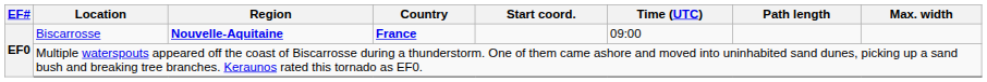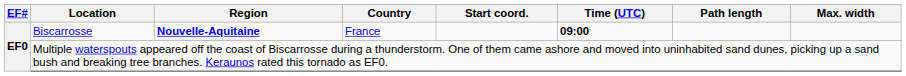 <table class="wikitable sortable" style="width:100%;">
 <tr>
 <th scope="col" width="2%" align="center"><a href='#'>EF#</a></th>
 <th scope="col" align="center" class="unsortable">Location</th>
 <th scope="col" align="center" class="unsortable">Region</th>
 <th scope="col" align="center">Country</th>
 <th scope="col" align="center">Start coord.</th>
 <th scope="col" align="center">Time (<a href='#'>UTC</a>)</th>
 <th scope="col" align="center">Path length</th>
 <th scope="col" align="center">Max. width</th>
 </tr>
 <tr>
 <th scope="row" rowspan="2" style="background-color:#">EF0</th>
 <td><a href='#'>Biscarrosse</a></td>
 <td><strong><a href='#'>Nouvelle-Aquitaine</a></strong></td>
-<td><strong><a href='#'>France</a></strong></td>
+<td><a href='#'>France</a></td>
 <td></td>
-<td>09:00</td>
+<td><strong>09:00</strong></td>
 <td></td>
 <td></td>
 </tr>
 <tr class="expand-child">
 <td colspan="8" style=" border-bottom: 1px solid black;">Multiple <a href='#'>waterspouts</a> appeared off the coast of Biscarrosse during a thunderstorm. One of them came ashore and moved into uninhabited sand dunes, picking up a sand bush and breaking tree branches. <a href='#'>Keraunos</a> rated this tornado as EF0.</td>
 </tr>
 </table>
